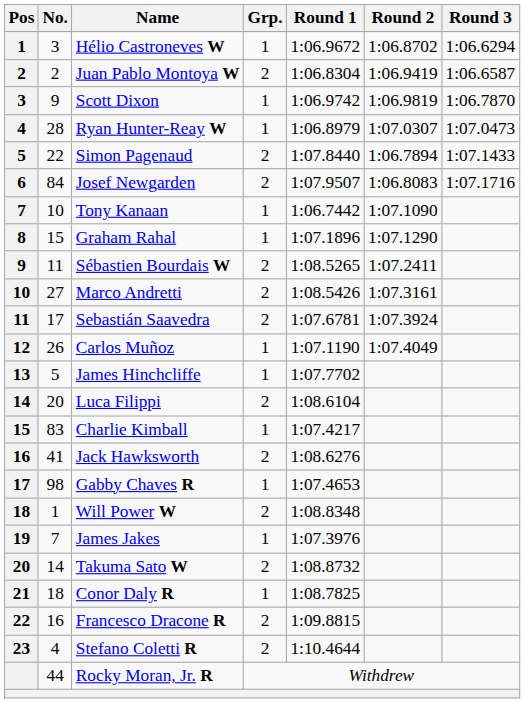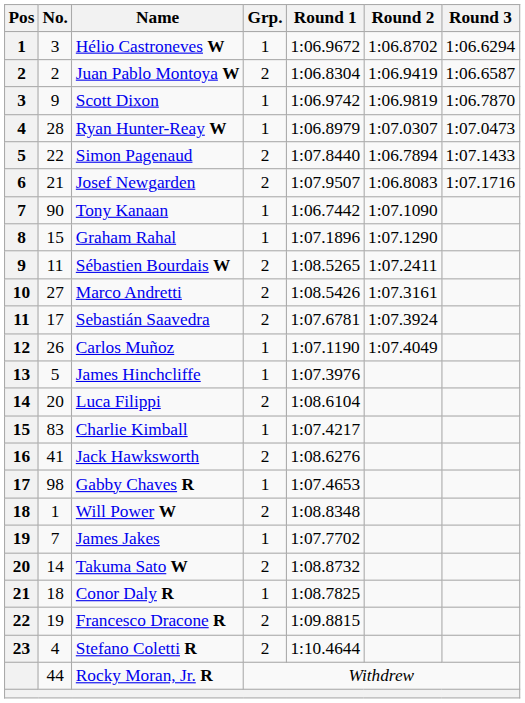 <table class="wikitable sortable" " style="fontsize:95%">
 <tr>
 <th>Pos</th>
 <th>No.</th>
 <th>Name</th>
 <th>Grp.</th>
 <th>Round 1</th>
 <th>Round 2</th>
 <th>Round 3</th>
 </tr>
 <tr>
 <th scope="row">1</th>
 <td align=center>3</td>
 <td> <a href='#'>Hélio Castroneves</a>   <strong><span>W</span></strong></td>
 <td style="text-align: center;">1</td>
 <td align="center">1:06.9672</td>
 <td align="center">1:06.8702</td>
 <td align="center">1:06.6294</td>
 </tr>
 <tr>
 <th scope="row">2</th>
 <td align=center>2</td>
 <td> <a href='#'>Juan Pablo Montoya</a>  <strong><span>W</span></strong></td>
 <td style="text-align: center;">2</td>
 <td align="center">1:06.8304</td>
 <td align="center">1:06.9419</td>
 <td align="center">1:06.6587</td>
 </tr>
 <tr>
 <th scope="row">3</th>
 <td align=center>9</td>
 <td> <a href='#'>Scott Dixon</a></td>
 <td style="text-align: center;">1</td>
 <td align="center">1:06.9742</td>
 <td align="center">1:06.9819</td>
 <td align="center">1:06.7870</td>
 </tr>
 <tr>
 <th scope="row">4</th>
 <td align=center>28</td>
 <td> <a href='#'>Ryan Hunter-Reay</a>  <strong><span>W</span></strong></td>
 <td style="text-align: center;">1</td>
 <td align="center">1:06.8979</td>
 <td align="center">1:07.0307</td>
 <td align="center">1:07.0473</td>
 </tr>
 <tr>
 <th scope="row">5</th>
 <td align=center>22</td>
 <td> <a href='#'>Simon Pagenaud</a></td>
 <td style="text-align: center;">2</td>
 <td align="center">1:07.8440</td>
 <td align="center">1:06.7894</td>
 <td align="center">1:07.1433</td>
 </tr>
 <tr>
 <th scope="row">6</th>
-<td align=center>84</td>
+<td align=center>21</td>
 <td> <a href='#'>Josef Newgarden</a></td>
 <td style="text-align: center;">2</td>
 <td align="center">1:07.9507</td>
 <td align="center">1:06.8083</td>
 <td align="center">1:07.1716</td>
 </tr>
 <tr>
 <th scope="row">7</th>
-<td align=center>10</td>
+<td align=center>90</td>
 <td> <a href='#'>Tony Kanaan</a></td>
 <td style="text-align: center;">1</td>
 <td align="center">1:06.7442</td>
 <td align="center">1:07.1090</td>
 <td align="center"></td>
 </tr>
 <tr>
 <th scope="row">8</th>
 <td align=center>15</td>
 <td> <a href='#'>Graham Rahal</a></td>
 <td style="text-align: center;">1</td>
 <td align="center">1:07.1896</td>
 <td align="center">1:07.1290</td>
 <td align="center"></td>
 </tr>
 <tr>
 <th scope="row">9</th>
 <td align=center>11</td>
 <td> <a href='#'>Sébastien Bourdais</a>  <strong><span>W</span></strong></td>
 <td style="text-align: center;">2</td>
 <td align="center">1:08.5265</td>
 <td align="center">1:07.2411</td>
 <td align="center"></td>
 </tr>
 <tr>
 <th scope="row">10</th>
 <td align=center>27</td>
 <td> <a href='#'>Marco Andretti</a></td>
 <td style="text-align: center;">2</td>
 <td align="center">1:08.5426</td>
 <td align="center">1:07.3161</td>
 <td align="center"></td>
 </tr>
 <tr>
 <th scope="row">11</th>
 <td align=center>17</td>
 <td> <a href='#'>Sebastián Saavedra</a></td>
 <td style="text-align: center;">2</td>
 <td align="center">1:07.6781</td>
 <td align="center">1:07.3924</td>
 <td align="center"></td>
 </tr>
 <tr>
 <th scope="row">12</th>
 <td align=center>26</td>
 <td> <a href='#'>Carlos Muñoz</a></td>
 <td style="text-align: center;">1</td>
 <td align="center">1:07.1190</td>
 <td align="center">1:07.4049</td>
 <td align="center"></td>
 </tr>
 <tr>
 <th scope="row">13</th>
 <td align=center>5</td>
 <td> <a href='#'>James Hinchcliffe</a></td>
 <td style="text-align: center;">1</td>
-<td align="center">1:07.7702</td>
+<td align="center">1:07.3976</td>
 <td align="center"></td>
 <td align="center"></td>
 </tr>
 <tr>
 <th scope="row">14</th>
 <td align=center>20</td>
 <td> <a href='#'>Luca Filippi</a></td>
 <td style="text-align: center;">2</td>
 <td align="center">1:08.6104</td>
 <td align="center"></td>
 <td align="center"></td>
 </tr>
 <tr>
 <th scope="row">15</th>
 <td align=center>83</td>
 <td> <a href='#'>Charlie Kimball</a></td>
 <td style="text-align: center;">1</td>
 <td align="center">1:07.4217</td>
 <td align="center"></td>
 <td align="center"></td>
 </tr>
 <tr>
 <th scope="row">16</th>
 <td align=center>41</td>
 <td> <a href='#'>Jack Hawksworth</a></td>
 <td style="text-align: center;">2</td>
 <td align="center">1:08.6276</td>
 <td align="center"></td>
 <td align="center"></td>
 </tr>
 <tr>
 <th scope="row">17</th>
 <td align=center>98</td>
 <td> <a href='#'>Gabby Chaves</a> <strong><span>R</span></strong></td>
 <td style="text-align: center;">1</td>
 <td align="center">1:07.4653</td>
 <td align="center"></td>
 <td align="center"></td>
 </tr>
 <tr>
 <th scope="row">18</th>
 <td align=center>1</td>
 <td> <a href='#'>Will Power</a>  <strong><span>W</span></strong></td>
 <td style="text-align: center;">2</td>
 <td align="center">1:08.8348</td>
 <td align="center"></td>
 <td align="center"></td>
 </tr>
 <tr>
 <th scope="row">19</th>
 <td align=center>7</td>
 <td> <a href='#'>James Jakes</a></td>
 <td style="text-align: center;">1</td>
-<td align="center">1:07.3976</td>
+<td align="center">1:07.7702</td>
 <td align="center"></td>
 <td align="center"></td>
 </tr>
 <tr>
 <th scope="row">20</th>
 <td align=center>14</td>
 <td> <a href='#'>Takuma Sato</a>  <strong><span>W</span></strong></td>
 <td style="text-align: center;">2</td>
 <td align="center">1:08.8732</td>
 <td align="center"></td>
 <td align="center"></td>
 </tr>
 <tr>
 <th scope="row">21</th>
 <td align=center>18</td>
 <td> <a href='#'>Conor Daly</a> <strong><span>R</span></strong></td>
 <td style="text-align: center;">1</td>
 <td align="center">1:08.7825</td>
 <td align="center"></td>
 <td align="center"></td>
 </tr>
 <tr>
 <th scope="row">22</th>
-<td align=center>16</td>
+<td align=center>19</td>
 <td> <a href='#'>Francesco Dracone</a> <strong><span>R</span></strong></td>
 <td style="text-align: center;">2</td>
 <td align="center">1:09.8815</td>
 <td align="center"></td>
 <td align="center"></td>
 </tr>
 <tr>
 <th scope="row">23</th>
 <td align=center>4</td>
 <td> <a href='#'>Stefano Coletti</a> <strong><span>R</span></strong></td>
 <td style="text-align: center;">2</td>
 <td align="center">1:10.4644</td>
 <td align="center"></td>
 <td align="center"></td>
 </tr>
 <tr>
 <th scope="row"></th>
 <td align=center>44</td>
 <td> <a href='#'>Rocky Moran, Jr.</a> <strong><span>R</span></strong></td>
 <td style="text-align: center;" colspan=4><em>Withdrew</em></td>
 </tr>
 <tr>
 <th colspan=11 align=center></th>
 </tr>
 </table>
